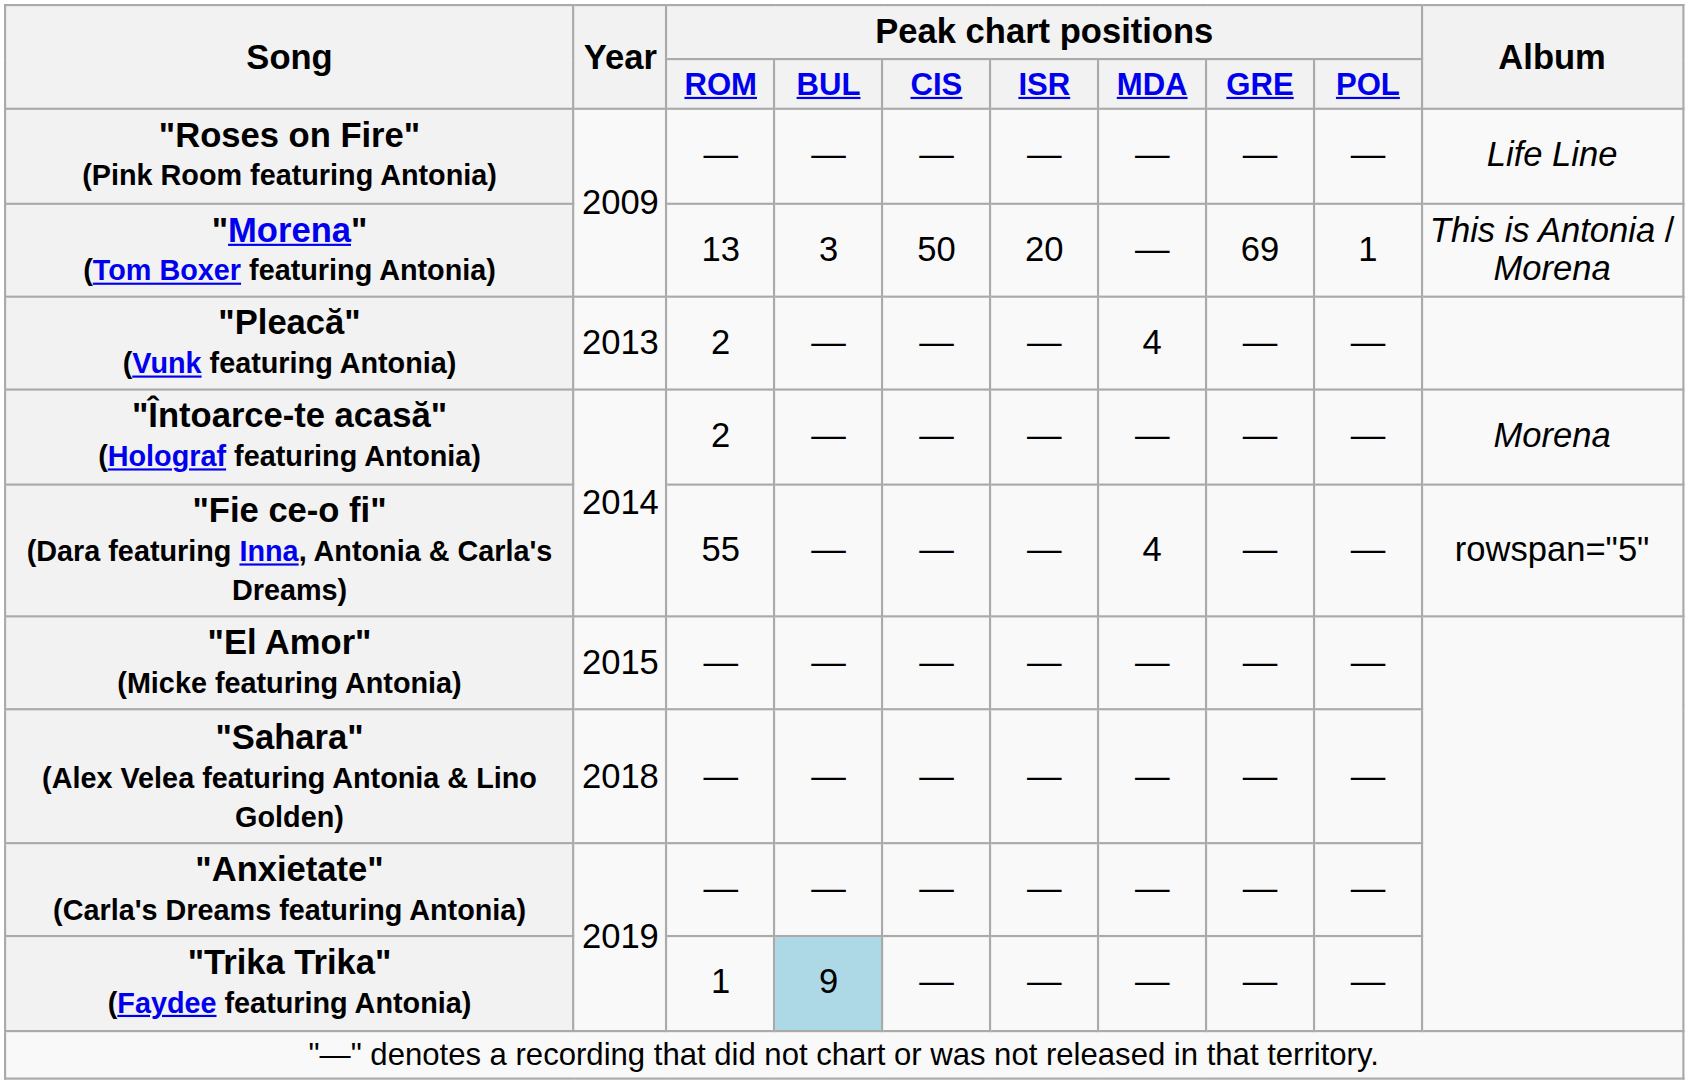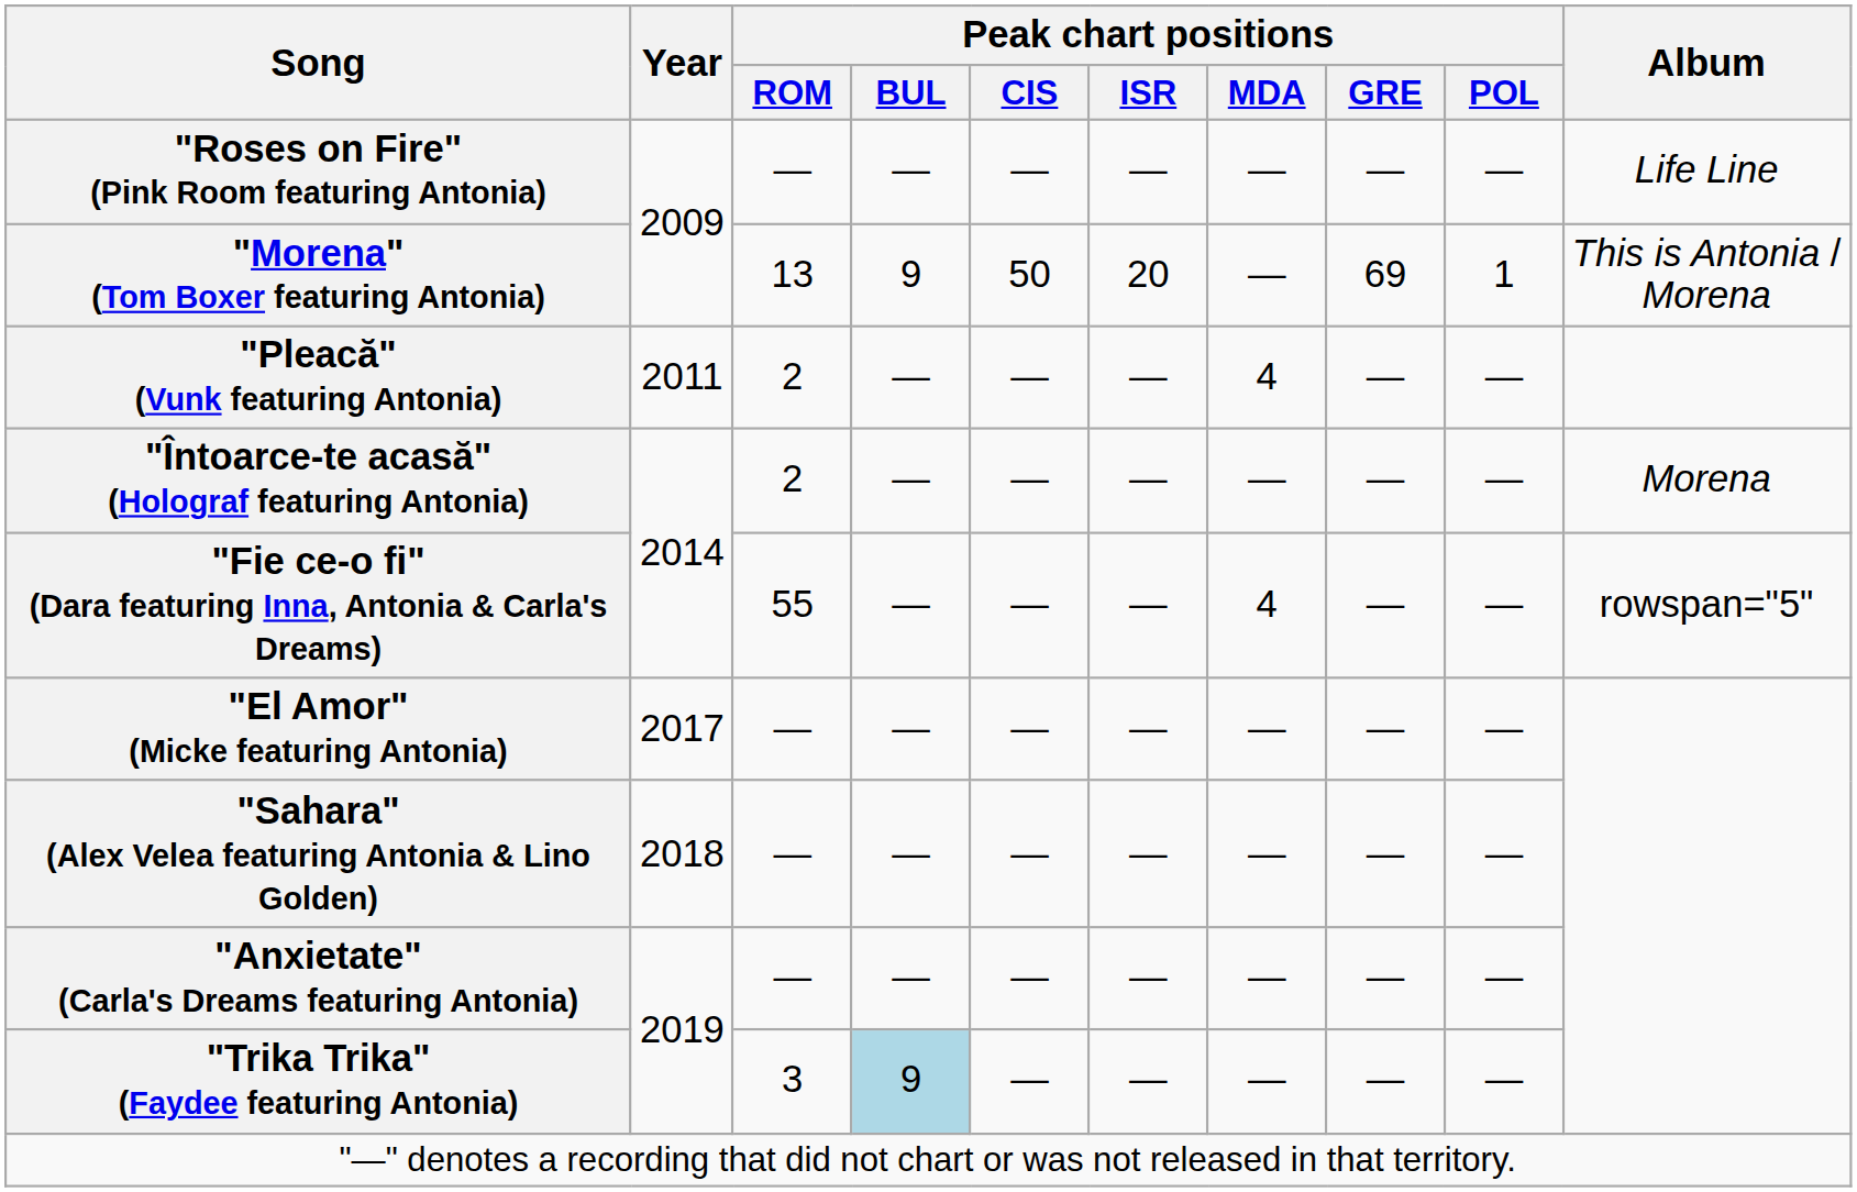 <table class="wikitable plainrowheaders" style="text-align:center;" border="1">
 <tr>
 <th scope="col" rowspan="2" style="width:16em;">Song</th>
 <th scope="col" rowspan="2">Year</th>
 <th scope="col" colspan="7">Peak chart positions</th>
 <th scope="col" rowspan="2">Album</th>
 </tr>
 <tr>
 <th scope="col" style="width:3em;font-size:90%;"><a href='#'>ROM</a><br></th>
 <th scope="col" style="width:3em;font-size:90%;"><a href='#'>BUL</a><br></th>
 <th scope="col" style="width:3em;font-size:90%;"><a href='#'>CIS</a><br></th>
 <th scope="col" style="width:3em;font-size:90%;"><a href='#'>ISR</a><br></th>
 <th scope="col" style="width:3em;font-size:90%;"><a href='#'>MDA</a><br></th>
 <th scope="col" style="width:3em;font-size:90%;"><a href='#'>GRE</a><br></th>
 <th scope="col" style="width:3em;font-size:90%;"><a href='#'>POL</a><br></th>
 </tr>
 <tr>
 <th scope="row">"Roses on Fire"<br><small>(Pink Room featuring Antonia)</small></th>
 <td rowspan="2">2009</td>
 <td>—</td>
 <td>—</td>
 <td>—</td>
 <td>—</td>
 <td>—</td>
 <td>—</td>
 <td>—</td>
 <td><em>Life Line</em></td>
 </tr>
 <tr>
 <th scope="row">"<a href='#'>Morena</a>"<br><small>(<a href='#'>Tom Boxer</a> featuring Antonia)</small></th>
 <td>13</td>
-<td>3</td>
+<td>9</td>
 <td>50</td>
 <td>20</td>
 <td>—</td>
 <td>69</td>
 <td>1</td>
 <td><em>This is Antonia</em> /<br><em>Morena</em></td>
 </tr>
 <tr>
 <th scope="row">"Pleacă"<br><small>(<a href='#'>Vunk</a> featuring Antonia)</small></th>
-<td>2013</td>
+<td>2011</td>
 <td>2</td>
 <td>—</td>
 <td>—</td>
 <td>—</td>
 <td>4</td>
 <td>—</td>
 <td>—</td>
 <td></td>
 </tr>
 <tr>
 <th scope="row">"Întoarce-te acasă"<br><small>(<a href='#'>Holograf</a> featuring Antonia)</small></th>
 <td rowspan="2">2014</td>
 <td>2</td>
 <td>—</td>
 <td>—</td>
 <td>—</td>
 <td>—</td>
 <td>—</td>
 <td>—</td>
 <td><em>Morena</em></td>
 </tr>
 <tr>
 <th scope="row">"Fie ce-o fi"<br><small>(Dara featuring <a href='#'>Inna</a>, Antonia & Carla's Dreams)</small></th>
 <td>55</td>
 <td>—</td>
 <td>—</td>
 <td>—</td>
 <td>4</td>
 <td>—</td>
 <td>—</td>
 <td>rowspan="5" </td>
 </tr>
 <tr>
 <th scope="row">"El Amor"<br><small>(Micke featuring Antonia)</small></th>
-<td rowspan="1">2015</td>
+<td rowspan="1">2017</td>
 <td>—</td>
 <td>—</td>
 <td>—</td>
 <td>—</td>
 <td>—</td>
 <td>—</td>
 <td>—</td>
 </tr>
 <tr>
 <th scope="row">"Sahara"<br><small>(Alex Velea featuring Antonia & Lino Golden)</small></th>
 <td rowspan="1">2018</td>
 <td>—</td>
 <td>—</td>
 <td>—</td>
 <td>—</td>
 <td>—</td>
 <td>—</td>
 <td>—</td>
 </tr>
 <tr>
 <th scope="row">"Anxietate"<br><small>(Carla's Dreams featuring Antonia)</small></th>
 <td rowspan="2">2019</td>
 <td>—</td>
 <td>—</td>
 <td>—</td>
 <td>—</td>
 <td>—</td>
 <td>—</td>
 <td>—</td>
 </tr>
 <tr>
 <th scope="row">"Trika Trika"<br><small>(<a href='#'>Faydee</a> featuring Antonia)</small></th>
-<td>1</td>
+<td>3</td>
 <td style="background: lightblue;">9</td>
 <td>—</td>
 <td>—</td>
 <td>—</td>
 <td>—</td>
 <td>—</td>
 </tr>
 <tr>
 <td colspan="12" style="font-size:90%">"—" denotes a recording that did not chart or was not released in that territory.</td>
 </tr>
 </table>
